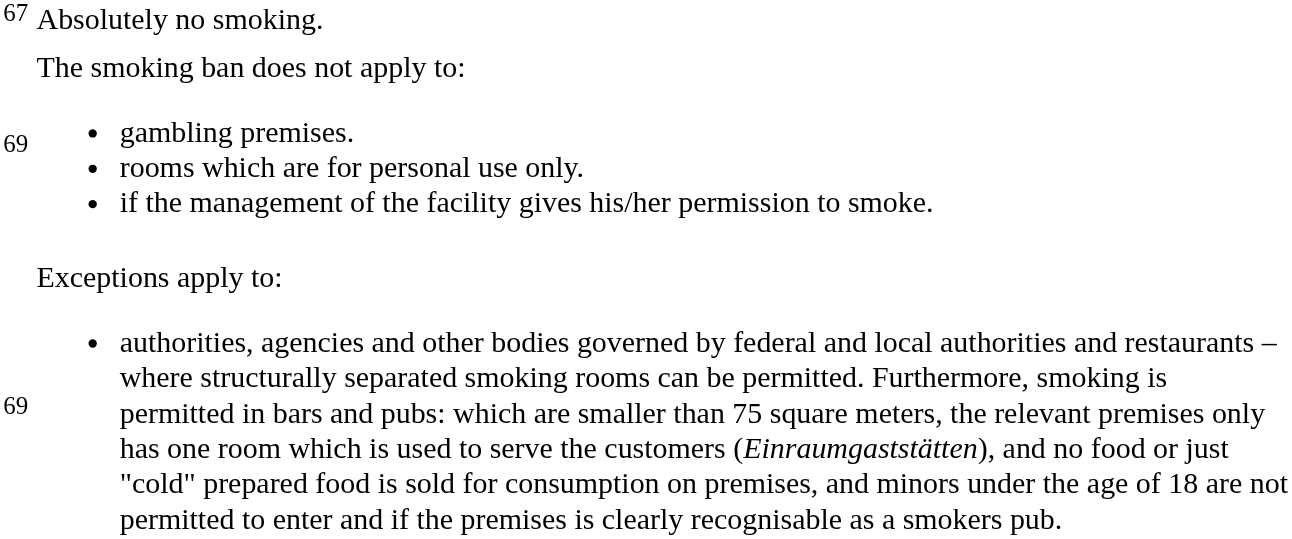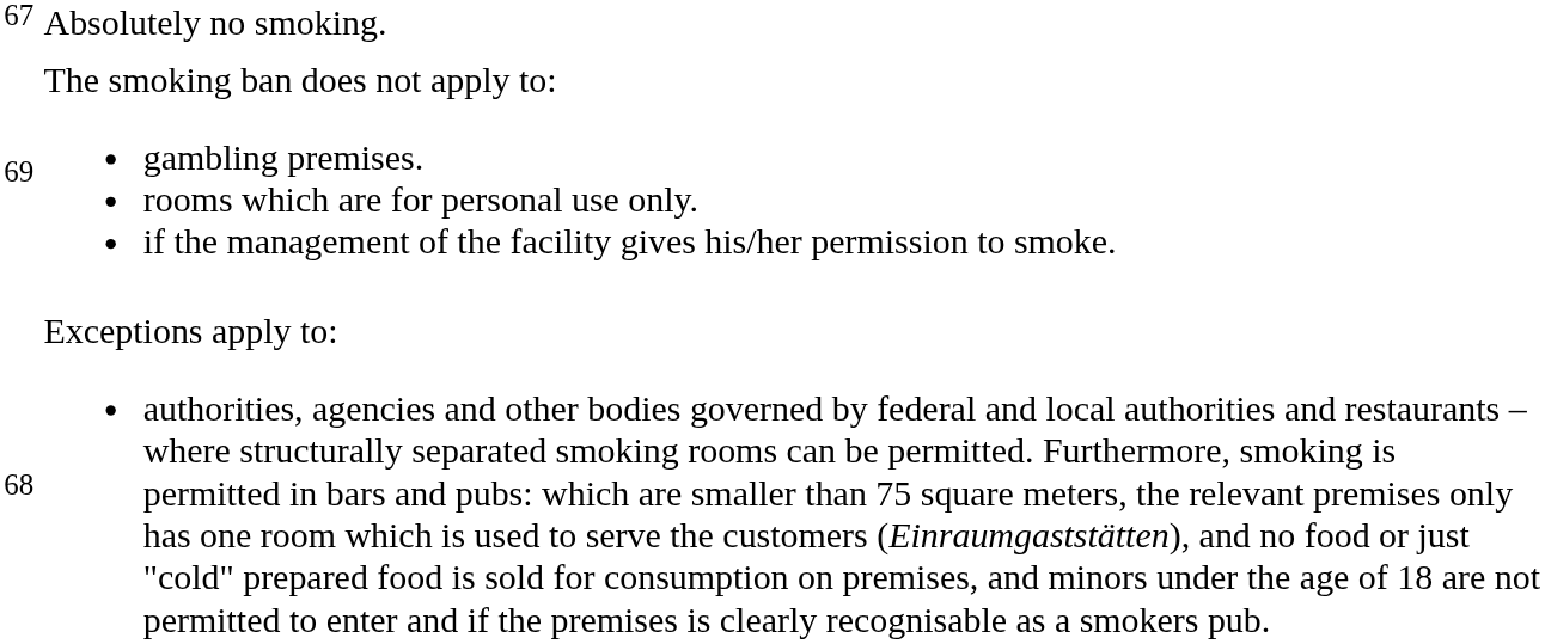 <table class="toptextcells" style="font-size: 90%;">
 <tr>
 <td tyle="text-align: right; padding-right: 0.33em"><sup>67</sup></td>
 <td>Absolutely no smoking.</td>
 </tr>
 <tr>
 <td tyle="text-align: right; padding-right: 0.33em"><sup>69</sup></td>
 <td>The smoking ban does not apply to:<br><ul><li>gambling premises.</li><li>rooms which are for personal use only.</li><li>if the management of the facility gives his/her permission to smoke.</li></ul></td>
 </tr>
 <tr>
-<td tyle="text-align: right; padding-right: 0.33em"><sup>69</sup></td>
+<td tyle="text-align: right; padding-right: 0.33em"><sup>68</sup></td>
 <td>Exceptions apply to:<br><ul><li>authorities, agencies and other bodies governed by federal and local authorities and restaurants – where structurally separated smoking rooms can be permitted.  Furthermore, smoking is permitted in bars and pubs: which are smaller than 75 square meters, the relevant premises only has one room which is used to serve the customers (<em>Einraumgaststätten</em>), and no food or just "cold" prepared food is sold for consumption on premises, and minors under the age of 18 are not permitted to enter and if the premises is clearly recognisable as a smokers pub.</li></ul></td>
 </tr>
 </table>
